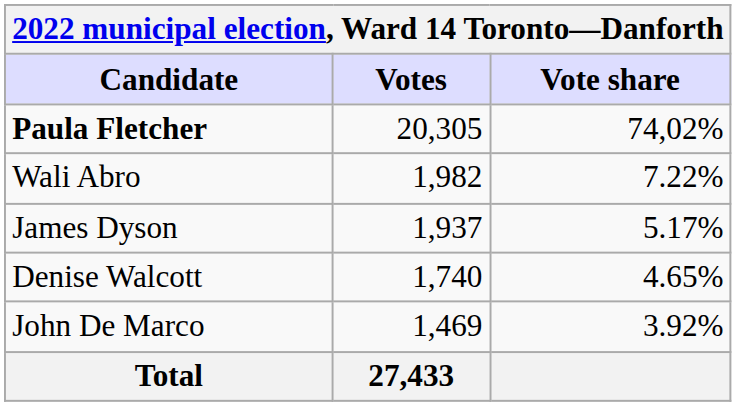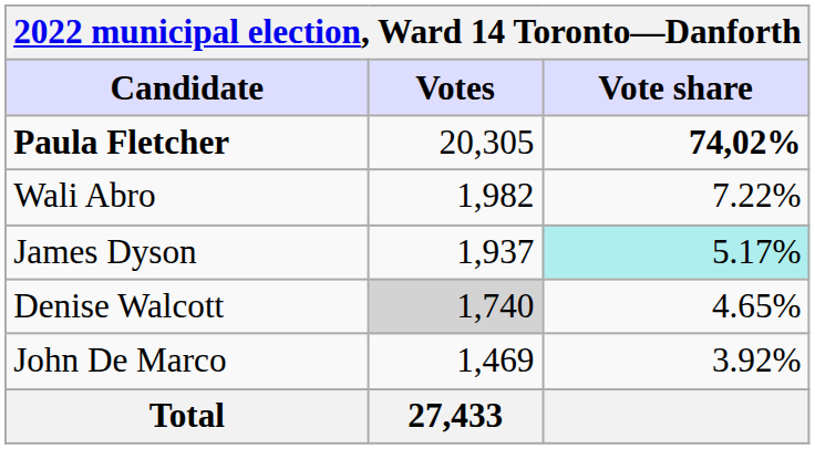 <table class="wikitable plainrowheaders">
 <tr>
 <th colspan="3"><strong><a href='#'>2022 municipal election</a>, Ward 14 Toronto—Danforth</strong></th>
 </tr>
 <tr>
 <th scope="col" style="background:#ddf;">Candidate</th>
 <th scope="col" style="background:#ddf;">Votes</th>
 <th scope="col" style="background:#ddf;">Vote share</th>
 </tr>
 <tr>
 <td scope="row"><strong>Paula Fletcher</strong></td>
 <td align="right">20,305</td>
-<td align="right">74,02%</td>
+<td align="right"><strong>74,02%</strong></td>
 </tr>
 <tr>
 <td scope="row">Wali Abro</td>
 <td align="right">1,982</td>
 <td align="right">7.22%</td>
 </tr>
 <tr>
 <td scope="row">James Dyson</td>
 <td align="right">1,937</td>
-<td align="right">5.17%</td>
+<td align="right" style="background: paleturquoise;">5.17%</td>
 </tr>
 <tr>
 <td scope="row">Denise Walcott</td>
-<td align="right">1,740</td>
+<td align="right" style="background: lightgrey;">1,740</td>
 <td align="right">4.65%</td>
 </tr>
 <tr>
 <td scope="row">John De Marco</td>
 <td align="right">1,469</td>
 <td align="right">3.92%</td>
 </tr>
 <tr>
 <th scope="row"><strong>Total</strong></th>
 <th align="right">27,433</th>
 <th align="right"></th>
 </tr>
 </table>
